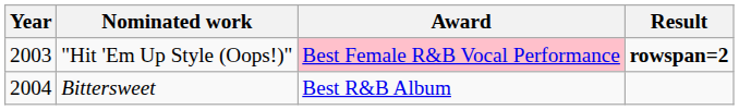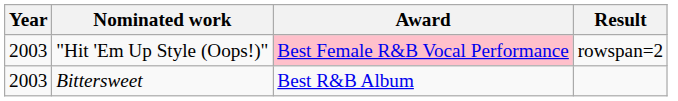 <table class="wikitable">
 <tr>
 <th>Year</th>
 <th>Nominated work</th>
 <th>Award</th>
 <th>Result</th>
 </tr>
 <tr>
 <td>2003</td>
 <td>"Hit 'Em Up Style (Oops!)"</td>
 <td style="background: pink;"><a href='#'>Best Female R&B Vocal Performance</a></td>
-<td><strong>rowspan=2 </strong></td>
+<td>rowspan=2 </td>
 </tr>
 <tr>
-<td>2004</td>
+<td>2003</td>
 <td><em>Bittersweet</em></td>
 <td><a href='#'>Best R&B Album</a></td>
 </tr>
 </table>
